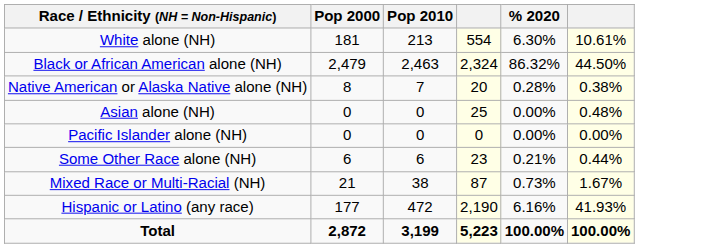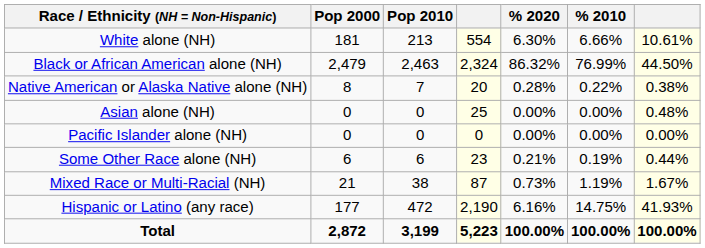 <table class="wikitable" style="text-align:center;">
 <tr>
 <th>Race / Ethnicity <small>(<em>NH = Non-Hispanic</em>)</small></th>
 <th>Pop 2000</th>
 <th>Pop 2010</th>
 <th></th>
 <th>% 2020</th>
+<th>% 2010</th>
 <th></th>
 </tr>
 <tr>
 <td><a href='#'>White</a> alone (NH)</td>
 <td>181</td>
 <td>213</td>
 <td style='background: #ffffe6;'>554</td>
 <td>6.30%</td>
+<td>6.66%</td>
 <td style='background: #ffffe6;'>10.61%</td>
 </tr>
 <tr>
 <td><a href='#'>Black or African American</a> alone (NH)</td>
 <td>2,479</td>
 <td>2,463</td>
 <td style='background: #ffffe6;'>2,324</td>
 <td>86.32%</td>
+<td>76.99%</td>
 <td style='background: #ffffe6;'>44.50%</td>
 </tr>
 <tr>
 <td><a href='#'>Native American</a> or <a href='#'>Alaska Native</a> alone (NH)</td>
 <td>8</td>
 <td>7</td>
 <td style='background: #ffffe6;'>20</td>
 <td>0.28%</td>
+<td>0.22%</td>
 <td style='background: #ffffe6;'>0.38%</td>
 </tr>
 <tr>
 <td><a href='#'>Asian</a> alone (NH)</td>
 <td>0</td>
 <td>0</td>
 <td style='background: #ffffe6;'>25</td>
+<td>0.00%</td>
 <td>0.00%</td>
 <td style='background: #ffffe6;'>0.48%</td>
 </tr>
 <tr>
 <td><a href='#'>Pacific Islander</a> alone (NH)</td>
 <td>0</td>
 <td>0</td>
 <td style='background: #ffffe6;'>0</td>
 <td>0.00%</td>
+<td>0.00%</td>
 <td style='background: #ffffe6;'>0.00%</td>
 </tr>
 <tr>
 <td><a href='#'>Some Other Race</a> alone (NH)</td>
 <td>6</td>
 <td>6</td>
 <td style='background: #ffffe6;'>23</td>
 <td>0.21%</td>
+<td>0.19%</td>
 <td style='background: #ffffe6;'>0.44%</td>
 </tr>
 <tr>
 <td><a href='#'>Mixed Race or Multi-Racial</a> (NH)</td>
 <td>21</td>
 <td>38</td>
 <td style='background: #ffffe6;'>87</td>
 <td>0.73%</td>
+<td>1.19%</td>
 <td style='background: #ffffe6;'>1.67%</td>
 </tr>
 <tr>
 <td><a href='#'>Hispanic or Latino</a> (any race)</td>
 <td>177</td>
 <td>472</td>
 <td style='background: #ffffe6;'>2,190</td>
 <td>6.16%</td>
+<td>14.75%</td>
 <td style='background: #ffffe6;'>41.93%</td>
 </tr>
 <tr>
 <td><strong>Total</strong></td>
 <td><strong>2,872</strong></td>
 <td><strong>3,199</strong></td>
 <td style='background: #ffffe6;'><strong>5,223</strong></td>
 <td><strong>100.00%</strong></td>
+<td><strong>100.00%</strong></td>
 <td style='background: #ffffe6;'><strong>100.00%</strong></td>
 </tr>
 </table>
